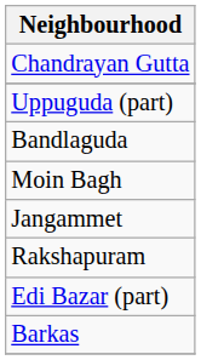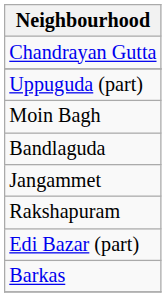 <table class="wikitable sortable static-row-numbers static-row-header-hash">
 <tr>
 <th>Neighbourhood</th>
 </tr>
 <tr>
 <td><a href='#'>Chandrayan Gutta</a></td>
 </tr>
 <tr>
 </tr>
 <tr Aziz Colony Chandrayangutta))>
 </tr>
 <tr>
 <td><a href='#'>Uppuguda</a> (part)</td>
 </tr>
 <tr>
-<td>Bandlaguda</td>
+<td>Moin Bagh</td>
 </tr>
 <tr>
-<td>Moin Bagh</td>
+<td>Bandlaguda</td>
 </tr>
 <tr>
 <td>Jangammet</td>
 </tr>
 <tr>
 <td>Rakshapuram</td>
 </tr>
 <tr>
 <td><a href='#'>Edi Bazar</a> (part)</td>
 </tr>
 <tr>
 <td><a href='#'>Barkas</a></td>
 </tr>
 <tr>
 </tr>
 </table>
